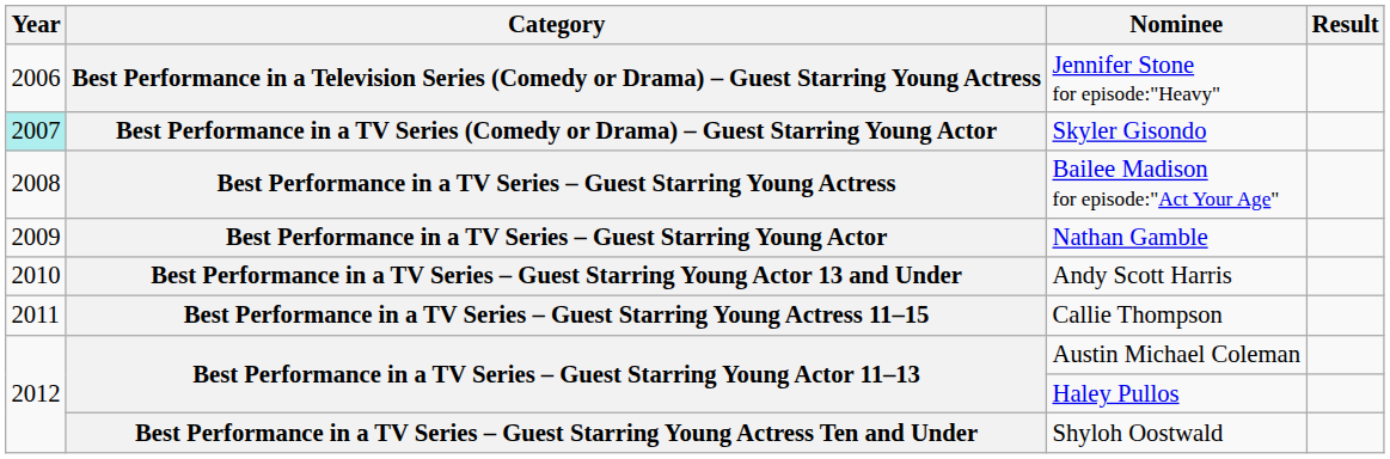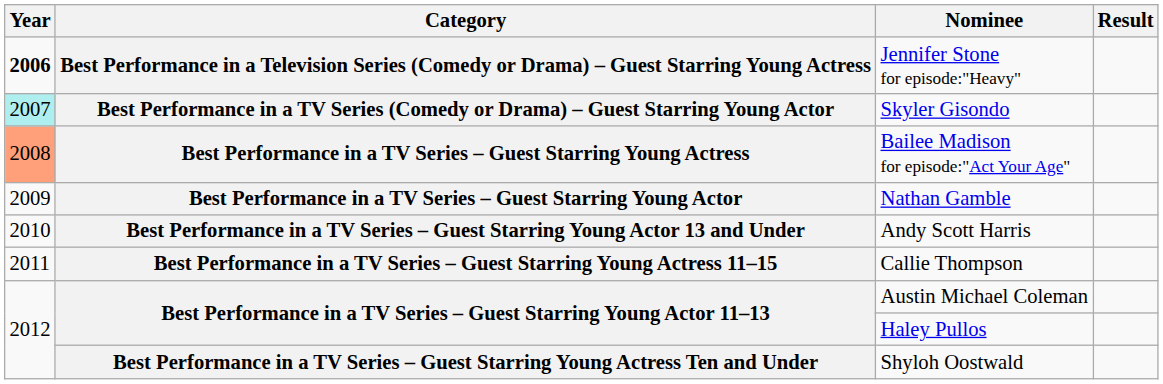 <table class="wikitable plainrowheaders">
 <tr>
 <th scope="col">Year</th>
 <th scope="col">Category</th>
 <th scope="col">Nominee</th>
 <th scope="col">Result</th>
 </tr>
 <tr>
-<td>2006</td>
+<td><strong>2006</strong></td>
 <th scope="row">Best Performance in a Television Series (Comedy or Drama) – Guest Starring Young Actress</th>
 <td><a href='#'>Jennifer Stone</a><br><small>for episode:"Heavy"</small></td>
 <td></td>
 </tr>
 <tr>
 <td style="background: paleturquoise;">2007</td>
 <th scope="row">Best Performance in a TV Series (Comedy or Drama) – Guest Starring Young Actor</th>
 <td><a href='#'>Skyler Gisondo</a></td>
 <td></td>
 </tr>
 <tr>
-<td>2008</td>
+<td style="background: lightsalmon;">2008</td>
 <th scope="row">Best Performance in a TV Series – Guest Starring Young Actress</th>
 <td><a href='#'>Bailee Madison</a><br><small>for episode:"<a href='#'>Act Your Age</a>"</small></td>
 <td></td>
 </tr>
 <tr>
 <td>2009</td>
 <th scope="row">Best Performance in a TV Series – Guest Starring Young Actor</th>
 <td><a href='#'>Nathan Gamble</a></td>
 <td></td>
 </tr>
 <tr>
 <td>2010</td>
 <th scope="row">Best Performance in a TV Series – Guest Starring Young Actor 13 and Under</th>
 <td>Andy Scott Harris</td>
 <td></td>
 </tr>
 <tr>
 <td>2011</td>
 <th scope="row">Best Performance in a TV Series – Guest Starring Young Actress 11–15</th>
 <td>Callie Thompson</td>
 <td></td>
 </tr>
 <tr>
 <td rowspan="4">2012</td>
 <th scope="row"  rowspan="2">Best Performance in a TV Series – Guest Starring Young Actor 11–13</th>
 <td>Austin Michael Coleman</td>
 <td></td>
 </tr>
 <tr>
 <td><a href='#'>Haley Pullos</a></td>
 <td></td>
 </tr>
 <tr>
 <th scope="row">Best Performance in a TV Series – Guest Starring Young Actress Ten and Under</th>
 <td>Shyloh Oostwald</td>
 <td></td>
 </tr>
 </table>
